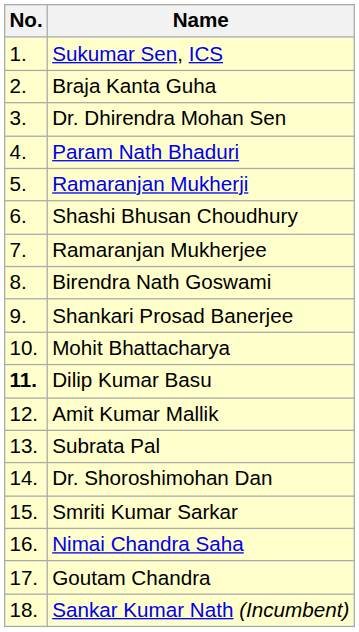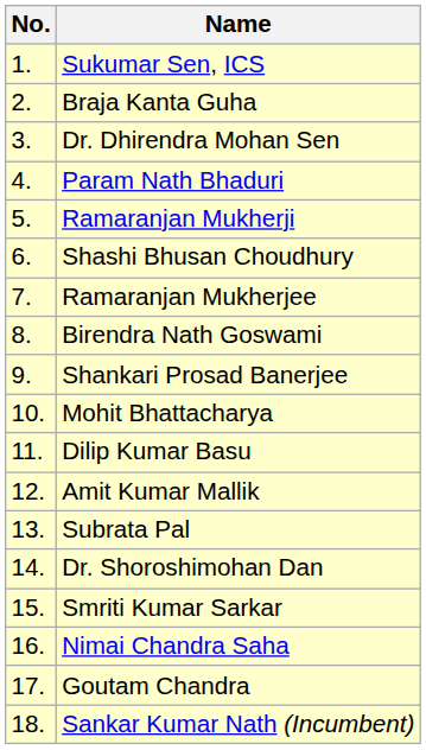 <table class="wikitable mw-collapsible" style="background:#ffc; color:black">
 <tr>
 <th scope="col">No.</th>
 <th scope="col">Name</th>
 </tr>
 <tr>
 <td>1.</td>
 <td><a href='#'>Sukumar Sen</a>, <a href='#'>ICS</a></td>
 </tr>
 <tr>
 <td>2.</td>
 <td>Braja Kanta Guha</td>
 </tr>
 <tr>
 <td>3.</td>
 <td>Dr. Dhirendra Mohan Sen</td>
 </tr>
 <tr>
 <td>4.</td>
 <td><a href='#'>Param Nath Bhaduri</a></td>
 </tr>
 <tr>
 <td>5.</td>
 <td><a href='#'>Ramaranjan Mukherji</a></td>
 </tr>
 <tr>
 <td>6.</td>
 <td>Shashi Bhusan Choudhury</td>
 </tr>
 <tr>
 <td>7.</td>
 <td>Ramaranjan Mukherjee</td>
 </tr>
 <tr>
 <td>8.</td>
 <td>Birendra Nath Goswami</td>
 </tr>
 <tr>
 <td>9.</td>
 <td>Shankari Prosad Banerjee</td>
 </tr>
 <tr>
 <td>10.</td>
 <td>Mohit Bhattacharya</td>
 </tr>
 <tr>
-<td><strong>11.</strong></td>
+<td>11.</td>
 <td>Dilip Kumar Basu</td>
 </tr>
 <tr>
 <td>12.</td>
 <td>Amit Kumar Mallik</td>
 </tr>
 <tr>
 <td>13.</td>
 <td>Subrata Pal</td>
 </tr>
 <tr>
 <td>14.</td>
 <td>Dr. Shoroshimohan Dan</td>
 </tr>
 <tr>
 <td>15.</td>
 <td>Smriti Kumar Sarkar</td>
 </tr>
 <tr>
 <td>16.</td>
 <td><a href='#'>Nimai Chandra Saha</a></td>
 </tr>
 <tr>
 <td>17.</td>
 <td>Goutam Chandra</td>
 </tr>
 <tr>
 <td>18.</td>
 <td><a href='#'>Sankar Kumar Nath</a> <em>(Incumbent)</em> </td>
 </tr>
 </table>
